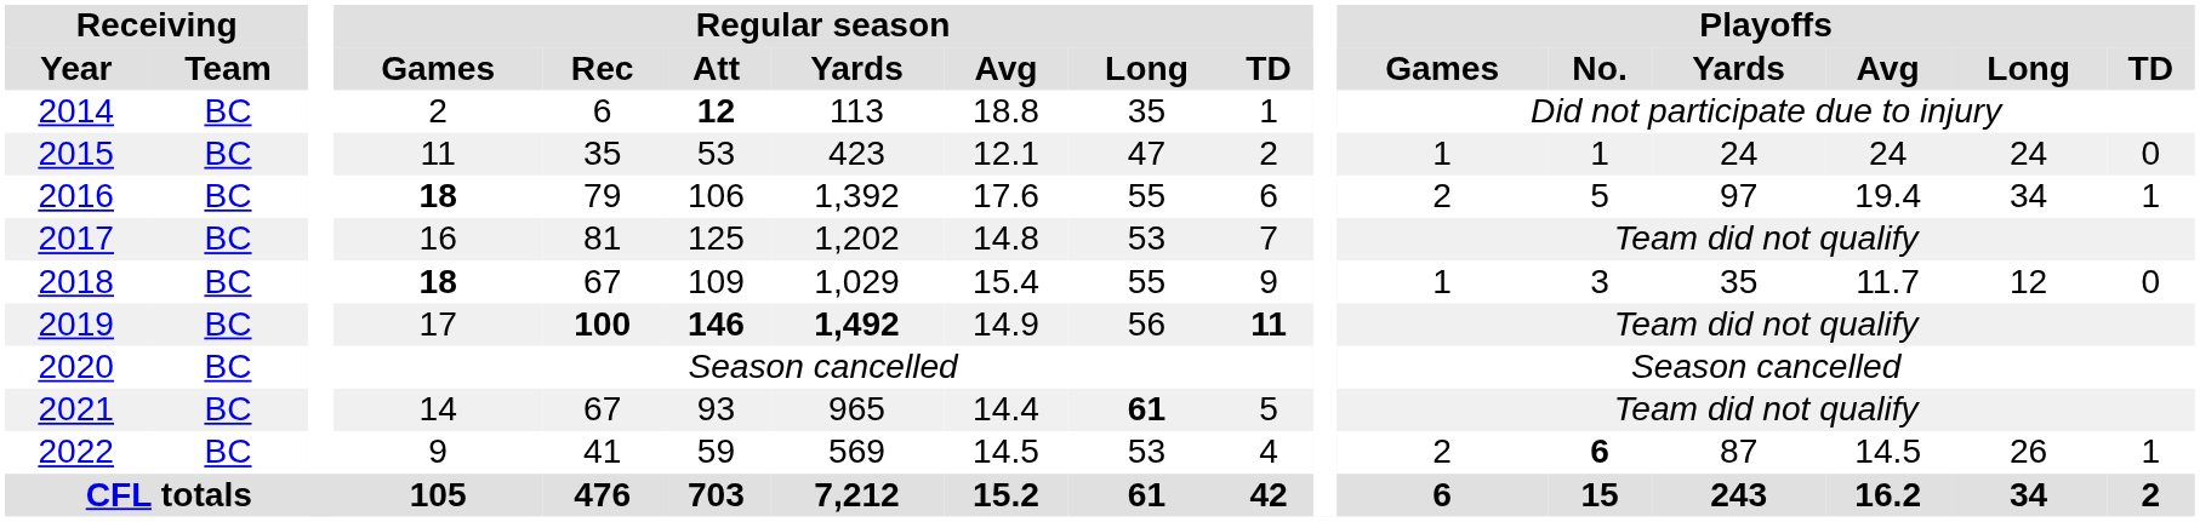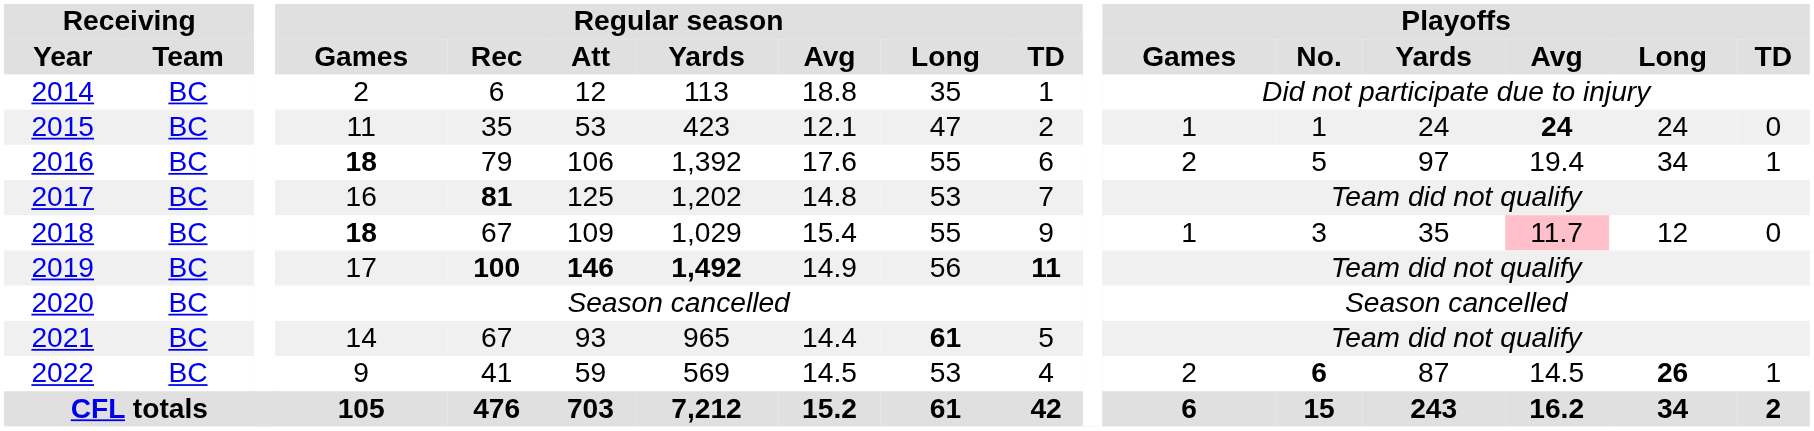 <table border="0" cellpadding="1" cellspacing="0" width="65%" style="text-align:center">
 <tr bgcolor="#e0e0e0">
 <th colspan="2">Receiving</th>
 <th rowspan="100" bgcolor="#ffffff"> </th>
 <th colspan="7">Regular season</th>
 <th rowspan="104" bgcolor="#ffffff"> </th>
 <th colspan="6">Playoffs</th>
 </tr>
 <tr bgcolor="#e0e0e0">
 <th>Year</th>
 <th>Team</th>
 <th>Games</th>
 <th>Rec</th>
 <th>Att</th>
 <th>Yards</th>
 <th>Avg</th>
 <th>Long</th>
 <th>TD</th>
 <th>Games</th>
 <th>No.</th>
 <th>Yards</th>
 <th>Avg</th>
 <th>Long</th>
 <th>TD</th>
 </tr>
 <tr align="center">
 <td><a href='#'>2014</a></td>
 <td><a href='#'>BC</a></td>
 <td>2</td>
 <td>6</td>
-<td><strong>12</strong></td>
+<td>12</td>
 <td>113</td>
 <td>18.8</td>
 <td>35</td>
 <td>1</td>
 <td colspan="6"><em>Did not participate due to injury</em></td>
 </tr>
 <tr align="center" bgcolor="#f0f0f0">
 <td><a href='#'>2015</a></td>
 <td><a href='#'>BC</a></td>
 <td>11</td>
 <td>35</td>
 <td>53</td>
 <td>423</td>
 <td>12.1</td>
 <td>47</td>
 <td>2</td>
 <td>1</td>
 <td>1</td>
 <td>24</td>
-<td>24</td>
+<td><strong>24</strong></td>
 <td>24</td>
 <td>0</td>
 </tr>
 <tr>
 <td><a href='#'>2016</a></td>
 <td><a href='#'>BC</a></td>
 <td><strong>18</strong></td>
 <td>79</td>
 <td>106</td>
 <td>1,392</td>
 <td>17.6</td>
 <td>55</td>
 <td>6</td>
 <td>2</td>
 <td>5</td>
 <td>97</td>
 <td>19.4</td>
 <td>34</td>
 <td>1</td>
 </tr>
 <tr align="center" bgcolor="#f0f0f0">
 <td><a href='#'>2017</a></td>
 <td><a href='#'>BC</a></td>
 <td>16</td>
-<td>81</td>
+<td><strong>81</strong></td>
 <td>125</td>
 <td>1,202</td>
 <td>14.8</td>
 <td>53</td>
 <td>7</td>
 <td colspan="6"><em>Team did not qualify</em></td>
 </tr>
 <tr>
 <td><a href='#'>2018</a></td>
 <td><a href='#'>BC</a></td>
 <td><strong>18</strong></td>
 <td>67</td>
 <td>109</td>
 <td>1,029</td>
 <td>15.4</td>
 <td>55</td>
 <td>9</td>
 <td>1</td>
 <td>3</td>
 <td>35</td>
-<td>11.7</td>
+<td style="background: pink;">11.7</td>
 <td>12</td>
 <td>0</td>
 </tr>
 <tr align="center" bgcolor="#f0f0f0">
 <td><a href='#'>2019</a></td>
 <td><a href='#'>BC</a></td>
 <td>17</td>
 <td><strong>100</strong></td>
 <td><strong>146</strong></td>
 <td><strong>1,492</strong></td>
 <td>14.9</td>
 <td>56</td>
 <td><strong>11</strong></td>
 <td colspan="6"><em>Team did not qualify</em></td>
 </tr>
 <tr ALIGN="center">
 <td><a href='#'>2020</a></td>
 <td><a href='#'>BC</a></td>
 <td colspan="7"><em>Season cancelled</em></td>
 <td colspan="6"><em>Season cancelled</em></td>
 </tr>
 <tr align="center" bgcolor="#f0f0f0">
 <td><a href='#'>2021</a></td>
 <td><a href='#'>BC</a></td>
 <td>14</td>
 <td>67</td>
 <td>93</td>
 <td>965</td>
 <td>14.4</td>
 <td><strong>61</strong></td>
 <td>5</td>
 <td colspan="6"><em>Team did not qualify</em></td>
 </tr>
 <tr>
 <td><a href='#'>2022</a></td>
 <td><a href='#'>BC</a></td>
 <td>9</td>
 <td>41</td>
 <td>59</td>
 <td>569</td>
 <td>14.5</td>
 <td>53</td>
 <td>4</td>
 <td>2</td>
 <th>6</th>
 <td>87</td>
 <td>14.5</td>
-<td>26</td>
+<td><strong>26</strong></td>
 <td>1</td>
 <td></td>
 </tr>
 <tr bgcolor="#e0e0e0">
 <th colspan="3"><a href='#'>CFL</a> totals</th>
 <th>105</th>
 <th>476</th>
 <th>703</th>
 <th>7,212</th>
 <th>15.2</th>
 <th>61</th>
 <th>42</th>
 <th>6</th>
 <th>15</th>
 <th>243</th>
 <th>16.2</th>
 <th>34</th>
 <th>2</th>
 </tr>
 </table>
